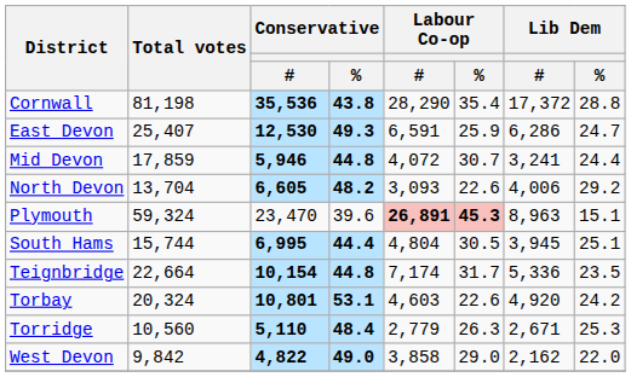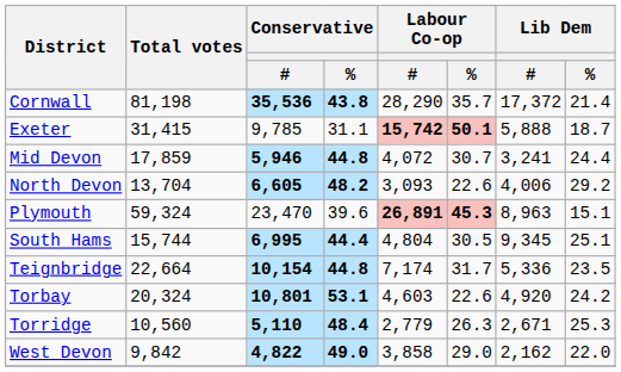 <table class="wikitable sortable">
 <tr>
 <th rowspan=3>District</th>
 <th rowspan=3>Total votes</th>
 <th colspan="2">Conservative</th>
 <th colspan="2">Labour<br>Co-op</th>
 <th colspan="2">Lib Dem</th>
 </tr>
 <tr>
 <th colspan="2" style="background:"></th>
 <th colspan="2" style="background:"></th>
 <th colspan="2" style="background:"></th>
 </tr>
 <tr>
 <th>#</th>
 <th>%</th>
 <th>#</th>
 <th>%</th>
 <th>#</th>
 <th>%</th>
 </tr>
 <tr>
 <td><a href='#'>Cornwall</a></td>
 <td>81,198</td>
 <td style="background:#B9E4FF;"><strong>35,536</strong></td>
 <td style="background:#B9E4FF;"><strong>43.8</strong></td>
 <td>28,290</td>
-<td>35.4</td>
+<td>35.7</td>
 <td>17,372</td>
-<td>28.8</td>
+<td>21.4</td>
 </tr>
 <tr>
-<td><a href='#'>East Devon</a></td>
-<td>25,407</td>
-<td style="background:#B9E4FF;"><strong>12,530</strong></td>
-<td style="background:#B9E4FF;"><strong>49.3</strong></td>
-<td>6,591</td>
-<td>25.9</td>
-<td>6,286</td>
-<td>24.7</td>
+<td><a href='#'>Exeter</a></td>
+<td>31,415</td>
+<td>9,785</td>
+<td>31.1</td>
+<td style="background:#F8C1BE;"><strong>15,742</strong></td>
+<td style="background:#F8C1BE;"><strong>50.1</strong></td>
+<td>5,888</td>
+<td>18.7</td>
 </tr>
 <tr>
 <td><a href='#'>Mid Devon</a></td>
 <td>17,859</td>
 <td style="background:#B9E4FF;"><strong>5,946</strong></td>
 <td style="background:#B9E4FF;"><strong>44.8</strong></td>
 <td>4,072</td>
 <td>30.7</td>
 <td>3,241</td>
 <td>24.4</td>
 </tr>
 <tr>
 <td><a href='#'>North Devon</a></td>
 <td>13,704</td>
 <td style="background:#B9E4FF;"><strong>6,605</strong></td>
 <td style="background:#B9E4FF;"><strong>48.2</strong></td>
 <td>3,093</td>
 <td>22.6</td>
 <td>4,006</td>
 <td>29.2</td>
 </tr>
 <tr>
 <td><a href='#'>Plymouth</a></td>
 <td>59,324</td>
 <td>23,470</td>
 <td>39.6</td>
 <td style="background:#F8C1BE;"><strong>26,891</strong></td>
 <td style="background:#F8C1BE;"><strong>45.3</strong></td>
 <td>8,963</td>
 <td>15.1</td>
 </tr>
 <tr>
 <td><a href='#'>South Hams</a></td>
 <td>15,744</td>
 <td style="background:#B9E4FF;"><strong>6,995</strong></td>
 <td style="background:#B9E4FF;"><strong>44.4</strong></td>
 <td>4,804</td>
 <td>30.5</td>
-<td>3,945</td>
+<td>9,345</td>
 <td>25.1</td>
 </tr>
 <tr>
 <td><a href='#'>Teignbridge</a></td>
 <td>22,664</td>
 <td style="background:#B9E4FF;"><strong>10,154</strong></td>
 <td style="background:#B9E4FF;"><strong>44.8</strong></td>
 <td>7,174</td>
 <td>31.7</td>
 <td>5,336</td>
 <td>23.5</td>
 </tr>
 <tr>
 <td><a href='#'>Torbay</a></td>
 <td>20,324</td>
 <td style="background:#B9E4FF;"><strong>10,801</strong></td>
 <td style="background:#B9E4FF;"><strong>53.1</strong></td>
 <td>4,603</td>
 <td>22.6</td>
 <td>4,920</td>
 <td>24.2</td>
 </tr>
 <tr>
 <td><a href='#'>Torridge</a></td>
 <td>10,560</td>
 <td style="background:#B9E4FF;"><strong>5,110</strong></td>
 <td style="background:#B9E4FF;"><strong>48.4</strong></td>
 <td>2,779</td>
 <td>26.3</td>
 <td>2,671</td>
 <td>25.3</td>
 </tr>
 <tr>
 <td><a href='#'>West Devon</a></td>
 <td>9,842</td>
 <td style="background:#B9E4FF;"><strong>4,822</strong></td>
 <td style="background:#B9E4FF;"><strong>49.0</strong></td>
 <td>3,858</td>
 <td>29.0</td>
 <td>2,162</td>
 <td>22.0</td>
 </tr>
 <tr>
 </tr>
 </table>
